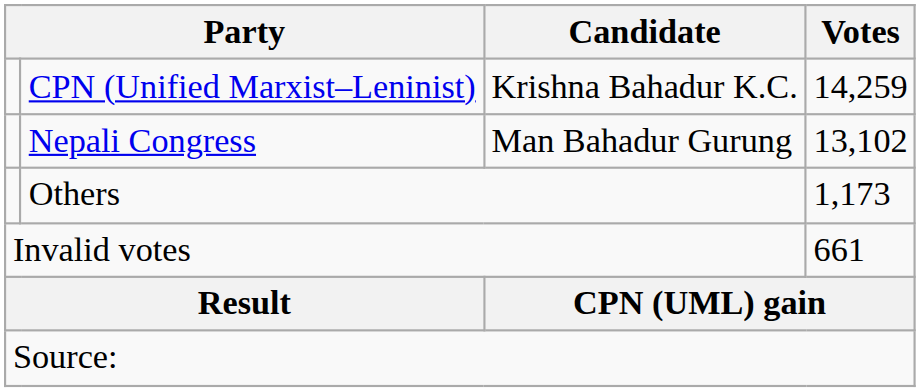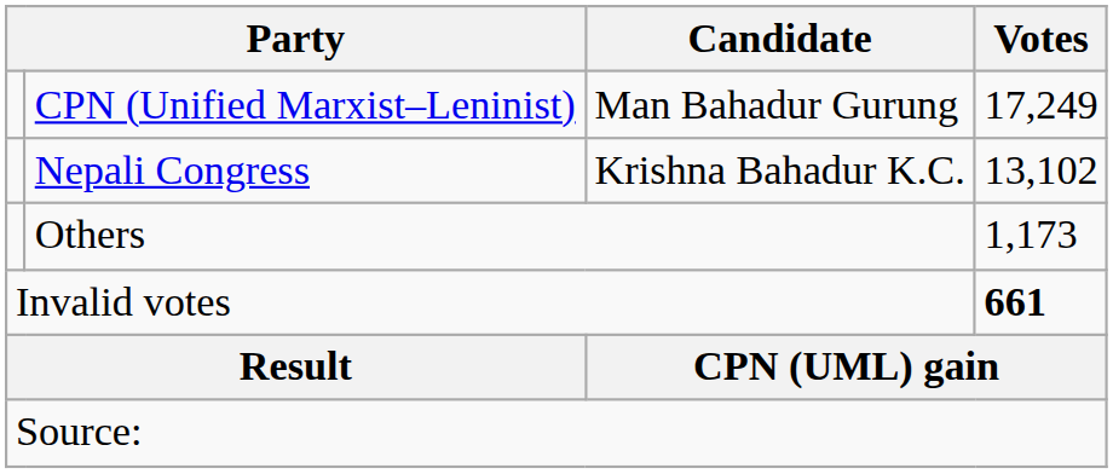 <table class="wikitable">
 <tr>
 <th colspan="2">Party</th>
 <th>Candidate</th>
 <th>Votes</th>
 </tr>
 <tr>
 <td style="background-color:"></td>
 <td><a href='#'>CPN (Unified Marxist–Leninist)</a></td>
-<td>Krishna Bahadur K.C.</td>
-<td>14,259</td>
+<td>Man Bahadur Gurung</td>
+<td>17,249</td>
 </tr>
 <tr>
 <td style="background-color:"></td>
 <td><a href='#'>Nepali Congress</a></td>
-<td>Man Bahadur Gurung</td>
+<td>Krishna Bahadur K.C.</td>
 <td>13,102</td>
 </tr>
 <tr>
 <td></td>
 <td colspan="2">Others</td>
 <td>1,173</td>
 </tr>
 <tr>
 <td colspan="3">Invalid votes</td>
-<td>661</td>
+<td><strong>661</strong></td>
 </tr>
 <tr>
 <th colspan="2">Result</th>
 <th colspan="2">CPN (UML) gain</th>
 </tr>
 <tr>
 <td colspan="4">Source: </td>
 </tr>
 </table>
